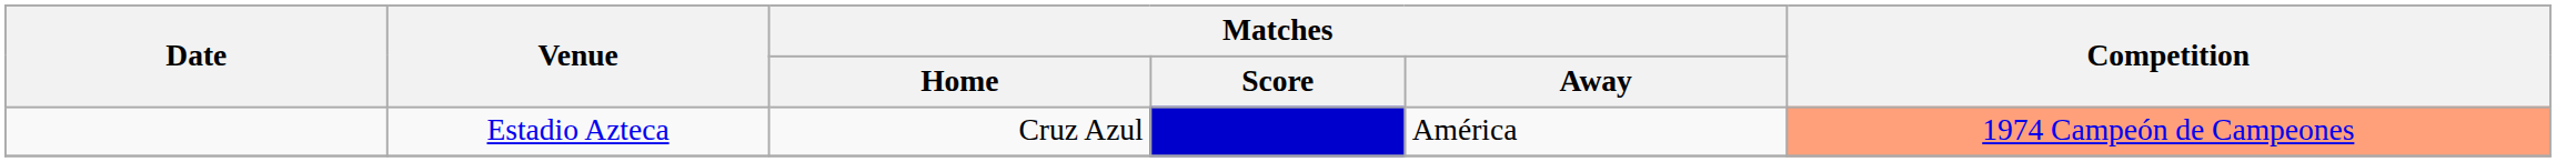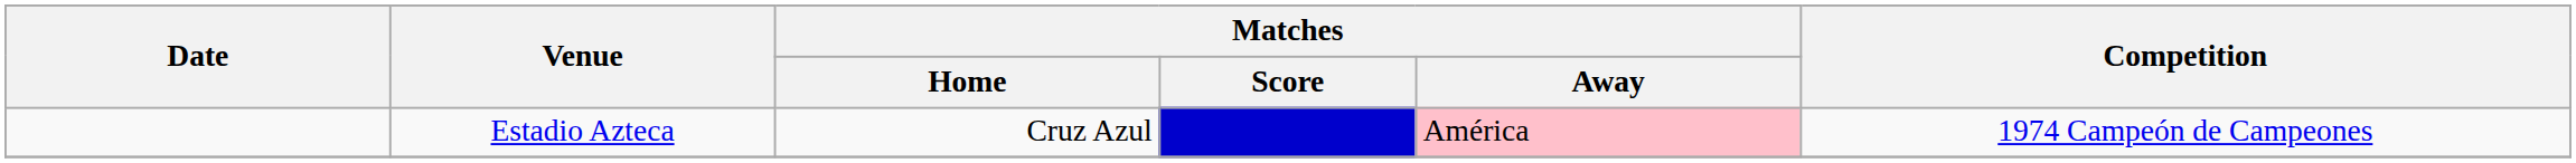 <table class="wikitable" style="font-size:90%;width:95%;text-align:center">
 <tr>
 <th rowspan="2" width="15%">Date</th>
 <th rowspan="2" width="15%">Venue</th>
 <th colspan="3" width="40%">Matches</th>
 <th rowspan="2" width="30%">Competition</th>
 </tr>
 <tr>
 <th width="15%">Home</th>
 <th width="10%">Score</th>
 <th width="15%">Away</th>
 </tr>
 <tr>
 <td></td>
 <td><a href='#'>Estadio Azteca</a></td>
 <td align="right">Cruz Azul</td>
 <td bgcolor=0000CC></td>
-<td align="left">América</td>
-<td style="background: lightsalmon;"><a href='#'>1974 Campeón de Campeones</a></td>
+<td align="left" style="background: pink;">América</td>
+<td><a href='#'>1974 Campeón de Campeones</a></td>
 </tr>
 <tr>
 </tr>
 </table>
